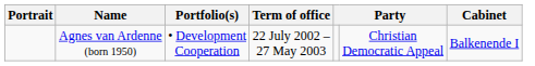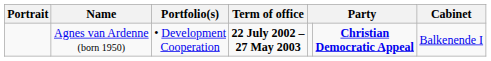 <table class="wikitable" style="text-align:center">
 <tr>
 <th>Portrait</th>
 <th>Name<br></th>
 <th>Portfolio(s)</th>
 <th>Term of office</th>
 <th colspan=2>Party</th>
 <th>Cabinet</th>
 </tr>
 <tr>
 <td></td>
 <td><a href='#'>Agnes van Ardenne</a> <br> <small>(born 1950)</small></td>
 <td>• <a href='#'>Development <br> Cooperation</a> <br> </td>
-<td>22 July 2002 – <br> 27 May 2003</td>
+<td><strong>22 July 2002 – <br> 27 May 2003</strong></td>
 <td style="background:"></td>
-<td><a href='#'>Christian <br> Democratic Appeal</a></td>
+<td><strong><a href='#'>Christian <br> Democratic Appeal</a></strong></td>
 <td><a href='#'>Balkenende I</a></td>
 </tr>
 </table>
